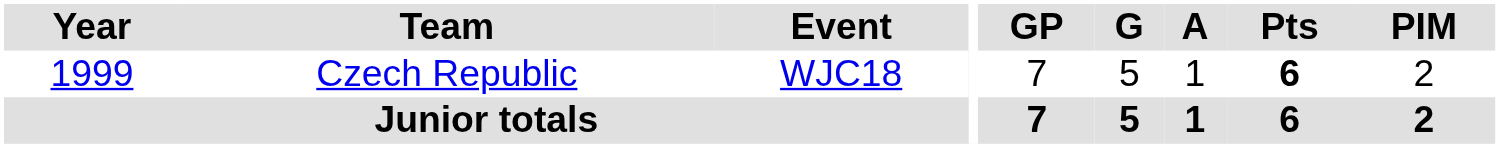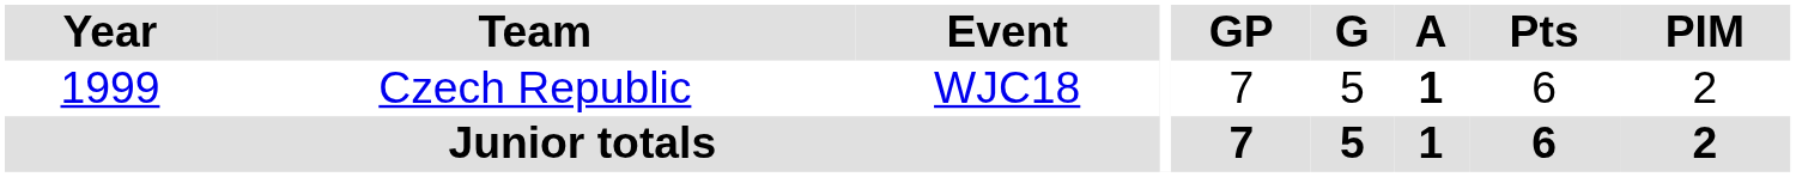 <table border="0" cellpadding="1" cellspacing="0" ID="Table3" style="text-align:center; width:40em">
 <tr bgcolor="#e0e0e0">
 <th>Year</th>
 <th>Team</th>
 <th>Event</th>
 <th rowspan="102" bgcolor="#ffffff"></th>
 <th>GP</th>
 <th>G</th>
 <th>A</th>
 <th>Pts</th>
 <th>PIM</th>
 </tr>
 <tr>
 <td><a href='#'>1999</a></td>
 <td><a href='#'>Czech Republic</a></td>
 <td><a href='#'>WJC18</a></td>
 <td>7</td>
 <td>5</td>
-<td>1</td>
-<td><strong>6</strong></td>
+<td><strong>1</strong></td>
+<td>6</td>
 <td>2</td>
 </tr>
 <tr bgcolor="#e0e0e0">
 <th colspan="3">Junior totals</th>
 <th>7</th>
 <th>5</th>
 <th>1</th>
 <th>6</th>
 <th>2</th>
 </tr>
 </table>
